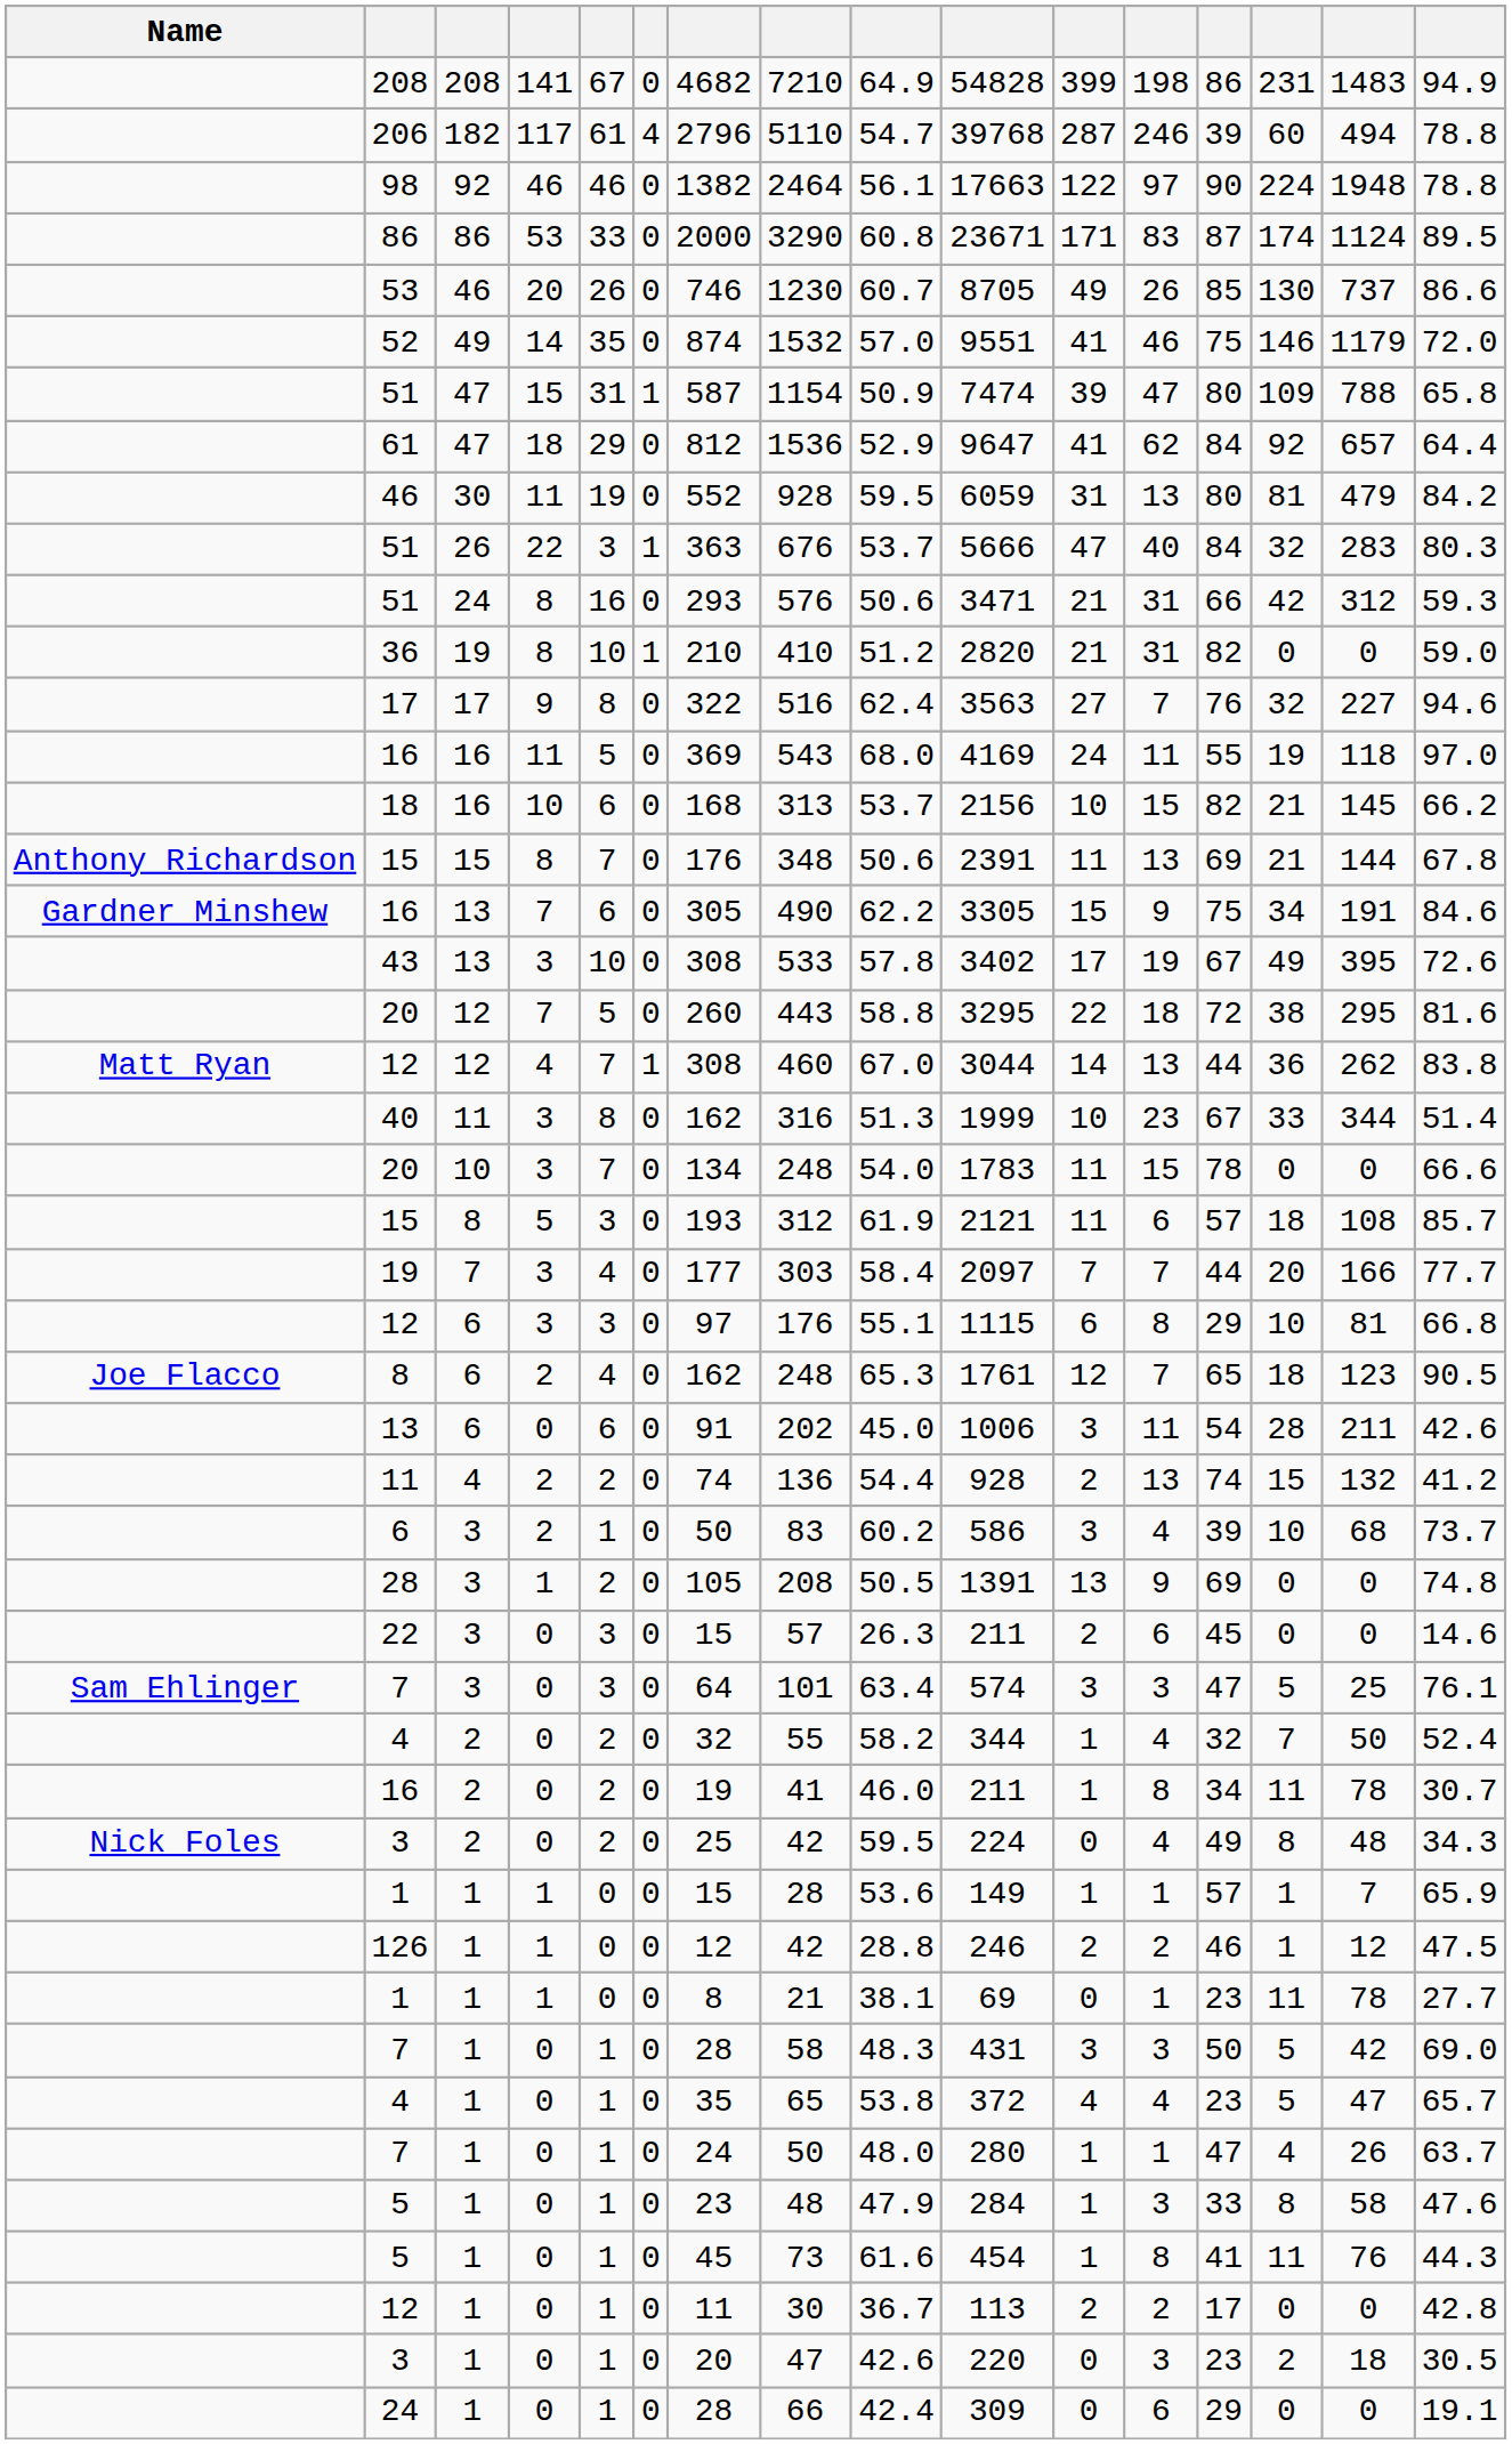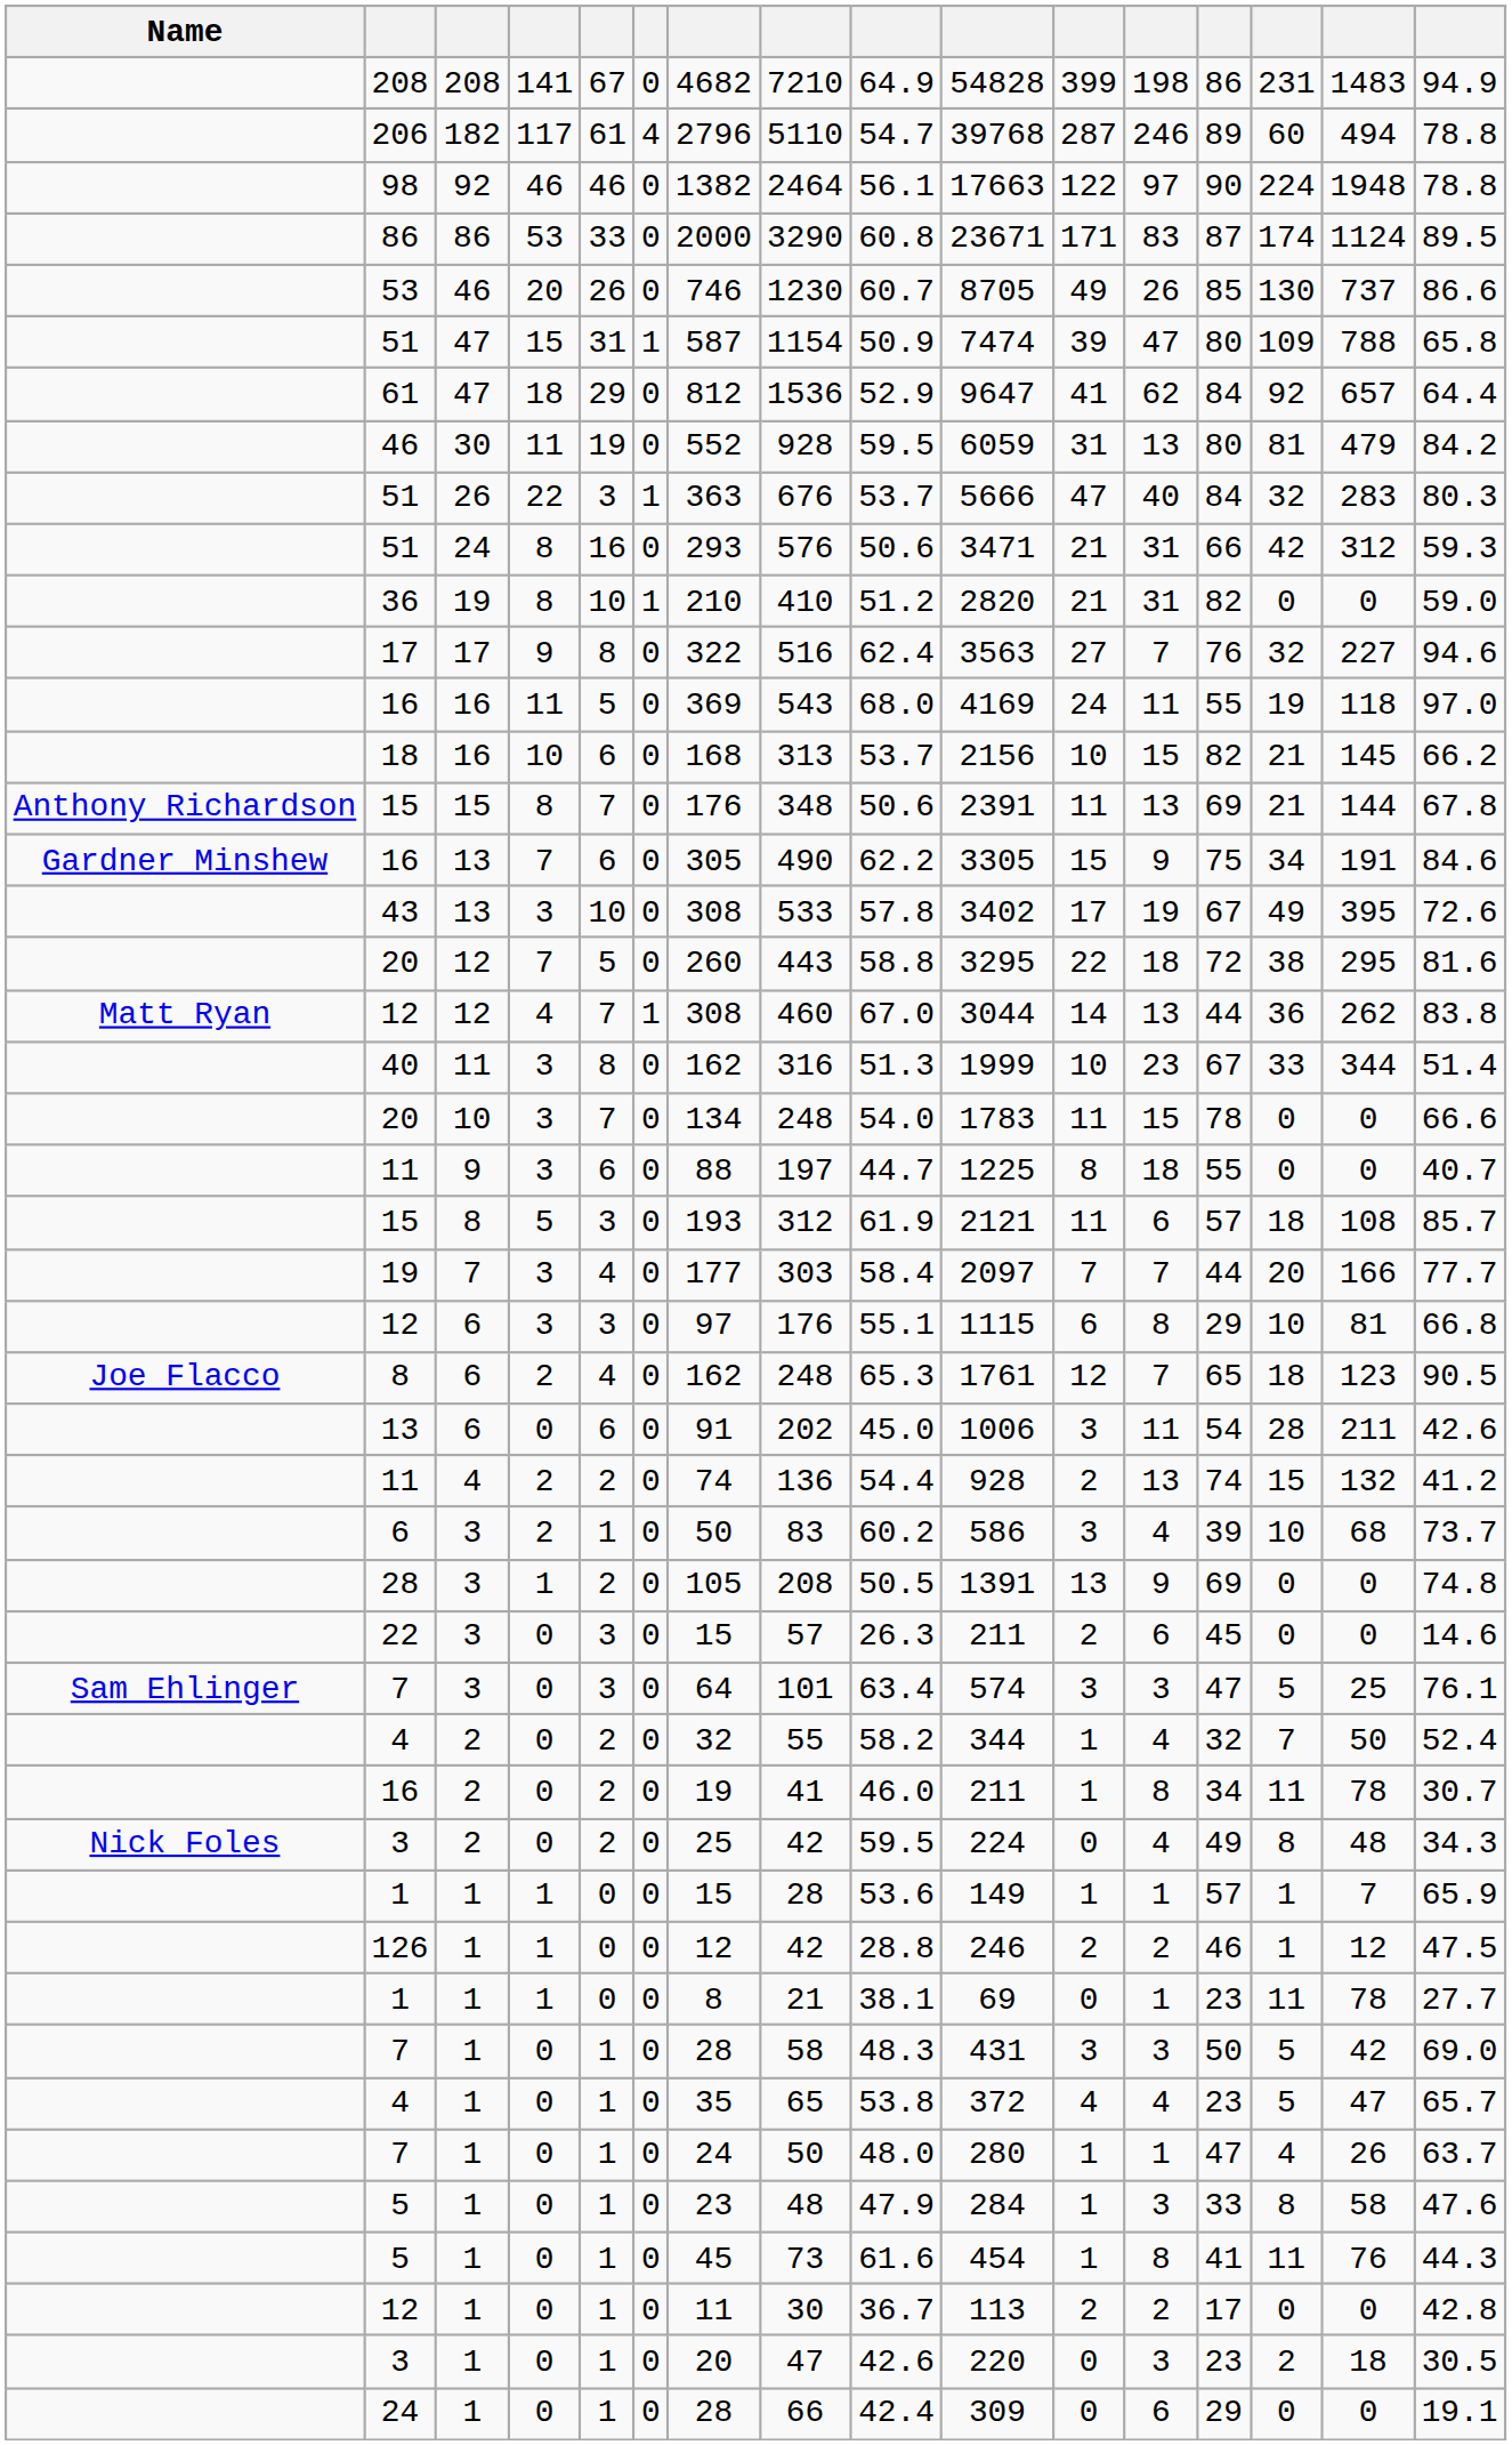 <table class="wikitable sortable" style="text-align:center">
 <tr>
 <th>Name</th>
 <th></th>
 <th></th>
 <th></th>
 <th></th>
 <th></th>
 <th></th>
 <th></th>
 <th></th>
 <th></th>
 <th></th>
 <th></th>
 <th></th>
 <th></th>
 <th></th>
 <th></th>
 </tr>
 <tr>
 <td></td>
 <td>208</td>
 <td>208</td>
 <td>141</td>
 <td>67</td>
 <td>0</td>
 <td>4682</td>
 <td>7210</td>
 <td>64.9</td>
 <td>54828</td>
 <td>399</td>
 <td>198</td>
 <td>86</td>
 <td>231</td>
 <td>1483</td>
 <td>94.9</td>
 </tr>
 <tr>
 <td></td>
 <td>206</td>
 <td>182</td>
 <td>117</td>
 <td>61</td>
 <td>4</td>
 <td>2796</td>
 <td>5110</td>
 <td>54.7</td>
 <td>39768</td>
 <td>287</td>
 <td>246</td>
-<td>39</td>
+<td>89</td>
 <td>60</td>
 <td>494</td>
 <td>78.8</td>
 </tr>
 <tr>
 <td></td>
 <td>98</td>
 <td>92</td>
 <td>46</td>
 <td>46</td>
 <td>0</td>
 <td>1382</td>
 <td>2464</td>
 <td>56.1</td>
 <td>17663</td>
 <td>122</td>
 <td>97</td>
 <td>90</td>
 <td>224</td>
 <td>1948</td>
 <td>78.8</td>
 </tr>
 <tr>
 <td></td>
 <td>86</td>
 <td>86</td>
 <td>53</td>
 <td>33</td>
 <td>0</td>
 <td>2000</td>
 <td>3290</td>
 <td>60.8</td>
 <td>23671</td>
 <td>171</td>
 <td>83</td>
 <td>87</td>
 <td>174</td>
 <td>1124</td>
 <td>89.5</td>
 </tr>
 <tr>
 <td></td>
 <td>53</td>
 <td>46</td>
 <td>20</td>
 <td>26</td>
 <td>0</td>
 <td>746</td>
 <td>1230</td>
 <td>60.7</td>
 <td>8705</td>
 <td>49</td>
 <td>26</td>
 <td>85</td>
 <td>130</td>
 <td>737</td>
 <td>86.6</td>
-</tr>
-<tr>
-<td></td>
-<td>52</td>
-<td>49</td>
-<td>14</td>
-<td>35</td>
-<td>0</td>
-<td>874</td>
-<td>1532</td>
-<td>57.0</td>
-<td>9551</td>
-<td>41</td>
-<td>46</td>
-<td>75</td>
-<td>146</td>
-<td>1179</td>
-<td>72.0</td>
 </tr>
 <tr>
 <td></td>
 <td>51</td>
 <td>47</td>
 <td>15</td>
 <td>31</td>
 <td>1</td>
 <td>587</td>
 <td>1154</td>
 <td>50.9</td>
 <td>7474</td>
 <td>39</td>
 <td>47</td>
 <td>80</td>
 <td>109</td>
 <td>788</td>
 <td>65.8</td>
 </tr>
 <tr>
 <td></td>
 <td>61</td>
 <td>47</td>
 <td>18</td>
 <td>29</td>
 <td>0</td>
 <td>812</td>
 <td>1536</td>
 <td>52.9</td>
 <td>9647</td>
 <td>41</td>
 <td>62</td>
 <td>84</td>
 <td>92</td>
 <td>657</td>
 <td>64.4</td>
 </tr>
 <tr>
 <td></td>
 <td>46</td>
 <td>30</td>
 <td>11</td>
 <td>19</td>
 <td>0</td>
 <td>552</td>
 <td>928</td>
 <td>59.5</td>
 <td>6059</td>
 <td>31</td>
 <td>13</td>
 <td>80</td>
 <td>81</td>
 <td>479</td>
 <td>84.2</td>
 </tr>
 <tr>
 <td></td>
 <td>51</td>
 <td>26</td>
 <td>22</td>
 <td>3</td>
 <td>1</td>
 <td>363</td>
 <td>676</td>
 <td>53.7</td>
 <td>5666</td>
 <td>47</td>
 <td>40</td>
 <td>84</td>
 <td>32</td>
 <td>283</td>
 <td>80.3</td>
 </tr>
 <tr>
 <td></td>
 <td>51</td>
 <td>24</td>
 <td>8</td>
 <td>16</td>
 <td>0</td>
 <td>293</td>
 <td>576</td>
 <td>50.6</td>
 <td>3471</td>
 <td>21</td>
 <td>31</td>
 <td>66</td>
 <td>42</td>
 <td>312</td>
 <td>59.3</td>
 </tr>
 <tr>
 <td></td>
 <td>36</td>
 <td>19</td>
 <td>8</td>
 <td>10</td>
 <td>1</td>
 <td>210</td>
 <td>410</td>
 <td>51.2</td>
 <td>2820</td>
 <td>21</td>
 <td>31</td>
 <td>82</td>
 <td>0</td>
 <td>0</td>
 <td>59.0</td>
 </tr>
 <tr>
 <td></td>
 <td>17</td>
 <td>17</td>
 <td>9</td>
 <td>8</td>
 <td>0</td>
 <td>322</td>
 <td>516</td>
 <td>62.4</td>
 <td>3563</td>
 <td>27</td>
 <td>7</td>
 <td>76</td>
 <td>32</td>
 <td>227</td>
 <td>94.6</td>
 </tr>
 <tr>
 <td></td>
 <td>16</td>
 <td>16</td>
 <td>11</td>
 <td>5</td>
 <td>0</td>
 <td>369</td>
 <td>543</td>
 <td>68.0</td>
 <td>4169</td>
 <td>24</td>
 <td>11</td>
 <td>55</td>
 <td>19</td>
 <td>118</td>
 <td>97.0</td>
 </tr>
 <tr>
 <td></td>
 <td>18</td>
 <td>16</td>
 <td>10</td>
 <td>6</td>
 <td>0</td>
 <td>168</td>
 <td>313</td>
 <td>53.7</td>
 <td>2156</td>
 <td>10</td>
 <td>15</td>
 <td>82</td>
 <td>21</td>
 <td>145</td>
 <td>66.2</td>
 </tr>
 <tr>
 <td><a href='#'>Anthony Richardson</a></td>
 <td>15</td>
 <td>15</td>
 <td>8</td>
 <td>7</td>
 <td>0</td>
 <td>176</td>
 <td>348</td>
 <td>50.6</td>
 <td>2391</td>
 <td>11</td>
 <td>13</td>
 <td>69</td>
 <td>21</td>
 <td>144</td>
 <td>67.8</td>
 </tr>
 <tr>
 <td><a href='#'>Gardner Minshew</a></td>
 <td>16</td>
 <td>13</td>
 <td>7</td>
 <td>6</td>
 <td>0</td>
 <td>305</td>
 <td>490</td>
 <td>62.2</td>
 <td>3305</td>
 <td>15</td>
 <td>9</td>
 <td>75</td>
 <td>34</td>
 <td>191</td>
 <td>84.6</td>
 </tr>
 <tr>
 <td></td>
 <td>43</td>
 <td>13</td>
 <td>3</td>
 <td>10</td>
 <td>0</td>
 <td>308</td>
 <td>533</td>
 <td>57.8</td>
 <td>3402</td>
 <td>17</td>
 <td>19</td>
 <td>67</td>
 <td>49</td>
 <td>395</td>
 <td>72.6</td>
 </tr>
 <tr>
 <td></td>
 <td>20</td>
 <td>12</td>
 <td>7</td>
 <td>5</td>
 <td>0</td>
 <td>260</td>
 <td>443</td>
 <td>58.8</td>
 <td>3295</td>
 <td>22</td>
 <td>18</td>
 <td>72</td>
 <td>38</td>
 <td>295</td>
 <td>81.6</td>
 </tr>
 <tr>
 <td><a href='#'>Matt Ryan</a></td>
 <td>12</td>
 <td>12</td>
 <td>4</td>
 <td>7</td>
 <td>1</td>
 <td>308</td>
 <td>460</td>
 <td>67.0</td>
 <td>3044</td>
 <td>14</td>
 <td>13</td>
 <td>44</td>
 <td>36</td>
 <td>262</td>
 <td>83.8</td>
 </tr>
 <tr>
 <td></td>
 <td>40</td>
 <td>11</td>
 <td>3</td>
 <td>8</td>
 <td>0</td>
 <td>162</td>
 <td>316</td>
 <td>51.3</td>
 <td>1999</td>
 <td>10</td>
 <td>23</td>
 <td>67</td>
 <td>33</td>
 <td>344</td>
 <td>51.4</td>
 </tr>
 <tr>
 <td></td>
 <td>20</td>
 <td>10</td>
 <td>3</td>
 <td>7</td>
 <td>0</td>
 <td>134</td>
 <td>248</td>
 <td>54.0</td>
 <td>1783</td>
 <td>11</td>
 <td>15</td>
 <td>78</td>
 <td>0</td>
 <td>0</td>
 <td>66.6</td>
+</tr>
+<tr>
+<td></td>
+<td>11</td>
+<td>9</td>
+<td>3</td>
+<td>6</td>
+<td>0</td>
+<td>88</td>
+<td>197</td>
+<td>44.7</td>
+<td>1225</td>
+<td>8</td>
+<td>18</td>
+<td>55</td>
+<td>0</td>
+<td>0</td>
+<td>40.7</td>
 </tr>
 <tr>
 <td></td>
 <td>15</td>
 <td>8</td>
 <td>5</td>
 <td>3</td>
 <td>0</td>
 <td>193</td>
 <td>312</td>
 <td>61.9</td>
 <td>2121</td>
 <td>11</td>
 <td>6</td>
 <td>57</td>
 <td>18</td>
 <td>108</td>
 <td>85.7</td>
 </tr>
 <tr>
 <td></td>
 <td>19</td>
 <td>7</td>
 <td>3</td>
 <td>4</td>
 <td>0</td>
 <td>177</td>
 <td>303</td>
 <td>58.4</td>
 <td>2097</td>
 <td>7</td>
 <td>7</td>
 <td>44</td>
 <td>20</td>
 <td>166</td>
 <td>77.7</td>
 </tr>
 <tr>
 <td></td>
 <td>12</td>
 <td>6</td>
 <td>3</td>
 <td>3</td>
 <td>0</td>
 <td>97</td>
 <td>176</td>
 <td>55.1</td>
 <td>1115</td>
 <td>6</td>
 <td>8</td>
 <td>29</td>
 <td>10</td>
 <td>81</td>
 <td>66.8</td>
 </tr>
 <tr>
 <td><a href='#'>Joe Flacco</a></td>
 <td>8</td>
 <td>6</td>
 <td>2</td>
 <td>4</td>
 <td>0</td>
 <td>162</td>
 <td>248</td>
 <td>65.3</td>
 <td>1761</td>
 <td>12</td>
 <td>7</td>
 <td>65</td>
 <td>18</td>
 <td>123</td>
 <td>90.5</td>
 </tr>
 <tr>
 <td></td>
 <td>13</td>
 <td>6</td>
 <td>0</td>
 <td>6</td>
 <td>0</td>
 <td>91</td>
 <td>202</td>
 <td>45.0</td>
 <td>1006</td>
 <td>3</td>
 <td>11</td>
 <td>54</td>
 <td>28</td>
 <td>211</td>
 <td>42.6</td>
 </tr>
 <tr>
 <td></td>
 <td>11</td>
 <td>4</td>
 <td>2</td>
 <td>2</td>
 <td>0</td>
 <td>74</td>
 <td>136</td>
 <td>54.4</td>
 <td>928</td>
 <td>2</td>
 <td>13</td>
 <td>74</td>
 <td>15</td>
 <td>132</td>
 <td>41.2</td>
 </tr>
 <tr>
 <td></td>
 <td>6</td>
 <td>3</td>
 <td>2</td>
 <td>1</td>
 <td>0</td>
 <td>50</td>
 <td>83</td>
 <td>60.2</td>
 <td>586</td>
 <td>3</td>
 <td>4</td>
 <td>39</td>
 <td>10</td>
 <td>68</td>
 <td>73.7</td>
 </tr>
 <tr>
 <td></td>
 <td>28</td>
 <td>3</td>
 <td>1</td>
 <td>2</td>
 <td>0</td>
 <td>105</td>
 <td>208</td>
 <td>50.5</td>
 <td>1391</td>
 <td>13</td>
 <td>9</td>
 <td>69</td>
 <td>0</td>
 <td>0</td>
 <td>74.8</td>
 </tr>
 <tr>
 <td></td>
 <td>22</td>
 <td>3</td>
 <td>0</td>
 <td>3</td>
 <td>0</td>
 <td>15</td>
 <td>57</td>
 <td>26.3</td>
 <td>211</td>
 <td>2</td>
 <td>6</td>
 <td>45</td>
 <td>0</td>
 <td>0</td>
 <td>14.6</td>
 </tr>
 <tr>
 <td><a href='#'>Sam Ehlinger</a></td>
 <td>7</td>
 <td>3</td>
 <td>0</td>
 <td>3</td>
 <td>0</td>
 <td>64</td>
 <td>101</td>
 <td>63.4</td>
 <td>574</td>
 <td>3</td>
 <td>3</td>
 <td>47</td>
 <td>5</td>
 <td>25</td>
 <td>76.1</td>
 </tr>
 <tr>
 <td></td>
 <td>4</td>
 <td>2</td>
 <td>0</td>
 <td>2</td>
 <td>0</td>
 <td>32</td>
 <td>55</td>
 <td>58.2</td>
 <td>344</td>
 <td>1</td>
 <td>4</td>
 <td>32</td>
 <td>7</td>
 <td>50</td>
 <td>52.4</td>
 </tr>
 <tr>
 <td></td>
 <td>16</td>
 <td>2</td>
 <td>0</td>
 <td>2</td>
 <td>0</td>
 <td>19</td>
 <td>41</td>
 <td>46.0</td>
 <td>211</td>
 <td>1</td>
 <td>8</td>
 <td>34</td>
 <td>11</td>
 <td>78</td>
 <td>30.7</td>
 </tr>
 <tr>
 <td><a href='#'>Nick Foles</a></td>
 <td>3</td>
 <td>2</td>
 <td>0</td>
 <td>2</td>
 <td>0</td>
 <td>25</td>
 <td>42</td>
 <td>59.5</td>
 <td>224</td>
 <td>0</td>
 <td>4</td>
 <td>49</td>
 <td>8</td>
 <td>48</td>
 <td>34.3</td>
 </tr>
 <tr>
 <td></td>
 <td>1</td>
 <td>1</td>
 <td>1</td>
 <td>0</td>
 <td>0</td>
 <td>15</td>
 <td>28</td>
 <td>53.6</td>
 <td>149</td>
 <td>1</td>
 <td>1</td>
 <td>57</td>
 <td>1</td>
 <td>7</td>
 <td>65.9</td>
 </tr>
 <tr>
 <td></td>
 <td>126</td>
 <td>1</td>
 <td>1</td>
 <td>0</td>
 <td>0</td>
 <td>12</td>
 <td>42</td>
 <td>28.8</td>
 <td>246</td>
 <td>2</td>
 <td>2</td>
 <td>46</td>
 <td>1</td>
 <td>12</td>
 <td>47.5</td>
 </tr>
 <tr>
 <td></td>
 <td>1</td>
 <td>1</td>
 <td>1</td>
 <td>0</td>
 <td>0</td>
 <td>8</td>
 <td>21</td>
 <td>38.1</td>
 <td>69</td>
 <td>0</td>
 <td>1</td>
 <td>23</td>
 <td>11</td>
 <td>78</td>
 <td>27.7</td>
 </tr>
 <tr>
 <td></td>
 <td>7</td>
 <td>1</td>
 <td>0</td>
 <td>1</td>
 <td>0</td>
 <td>28</td>
 <td>58</td>
 <td>48.3</td>
 <td>431</td>
 <td>3</td>
 <td>3</td>
 <td>50</td>
 <td>5</td>
 <td>42</td>
 <td>69.0</td>
 </tr>
 <tr>
 <td></td>
 <td>4</td>
 <td>1</td>
 <td>0</td>
 <td>1</td>
 <td>0</td>
 <td>35</td>
 <td>65</td>
 <td>53.8</td>
 <td>372</td>
 <td>4</td>
 <td>4</td>
 <td>23</td>
 <td>5</td>
 <td>47</td>
 <td>65.7</td>
 </tr>
 <tr>
 <td></td>
 <td>7</td>
 <td>1</td>
 <td>0</td>
 <td>1</td>
 <td>0</td>
 <td>24</td>
 <td>50</td>
 <td>48.0</td>
 <td>280</td>
 <td>1</td>
 <td>1</td>
 <td>47</td>
 <td>4</td>
 <td>26</td>
 <td>63.7</td>
 </tr>
 <tr>
 <td></td>
 <td>5</td>
 <td>1</td>
 <td>0</td>
 <td>1</td>
 <td>0</td>
 <td>23</td>
 <td>48</td>
 <td>47.9</td>
 <td>284</td>
 <td>1</td>
 <td>3</td>
 <td>33</td>
 <td>8</td>
 <td>58</td>
 <td>47.6</td>
 </tr>
 <tr>
 <td></td>
 <td>5</td>
 <td>1</td>
 <td>0</td>
 <td>1</td>
 <td>0</td>
 <td>45</td>
 <td>73</td>
 <td>61.6</td>
 <td>454</td>
 <td>1</td>
 <td>8</td>
 <td>41</td>
 <td>11</td>
 <td>76</td>
 <td>44.3</td>
 </tr>
 <tr>
 <td></td>
 <td>12</td>
 <td>1</td>
 <td>0</td>
 <td>1</td>
 <td>0</td>
 <td>11</td>
 <td>30</td>
 <td>36.7</td>
 <td>113</td>
 <td>2</td>
 <td>2</td>
 <td>17</td>
 <td>0</td>
 <td>0</td>
 <td>42.8</td>
 </tr>
 <tr>
 <td></td>
 <td>3</td>
 <td>1</td>
 <td>0</td>
 <td>1</td>
 <td>0</td>
 <td>20</td>
 <td>47</td>
 <td>42.6</td>
 <td>220</td>
 <td>0</td>
 <td>3</td>
 <td>23</td>
 <td>2</td>
 <td>18</td>
 <td>30.5</td>
 </tr>
 <tr>
 <td></td>
 <td>24</td>
 <td>1</td>
 <td>0</td>
 <td>1</td>
 <td>0</td>
 <td>28</td>
 <td>66</td>
 <td>42.4</td>
 <td>309</td>
 <td>0</td>
 <td>6</td>
 <td>29</td>
 <td>0</td>
 <td>0</td>
 <td>19.1</td>
 </tr>
 </table>
